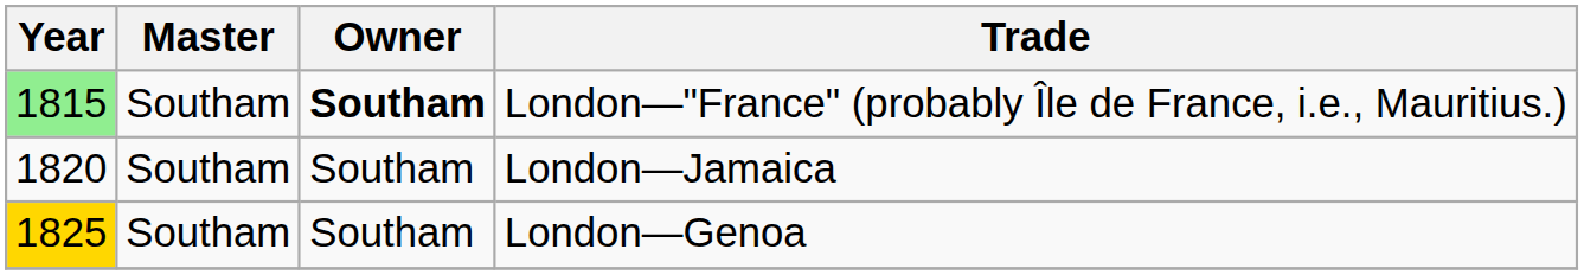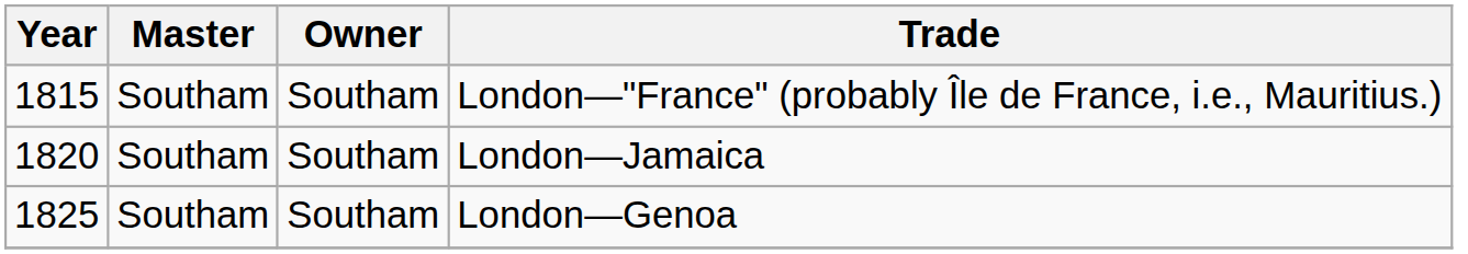 <table class="sortable wikitable">
 <tr>
 <th>Year</th>
 <th>Master</th>
 <th>Owner</th>
 <th>Trade</th>
 </tr>
 <tr>
-<td style="background: lightgreen;">1815</td>
+<td>1815</td>
 <td>Southam</td>
-<td><strong>Southam</strong></td>
+<td>Southam</td>
 <td>London—"France" (probably Île de France, i.e., Mauritius.)</td>
 </tr>
 <tr>
 <td>1820</td>
 <td>Southam</td>
 <td>Southam</td>
 <td>London—Jamaica</td>
 </tr>
 <tr>
-<td style="background: gold;">1825</td>
+<td>1825</td>
 <td>Southam</td>
 <td>Southam</td>
 <td>London—Genoa</td>
 </tr>
 <tr>
 </tr>
 </table>
